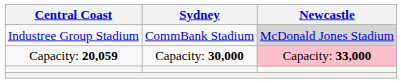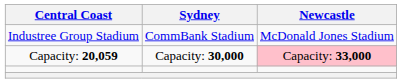 <table class="wikitable" style="margin:1em auto; text-align:center">
 <tr>
 <th><a href='#'>Central Coast</a></th>
 <th><a href='#'>Sydney</a></th>
 <th><a href='#'>Newcastle</a></th>
 </tr>
 <tr>
 <td><a href='#'>Industree Group Stadium</a></td>
 <td><a href='#'>CommBank Stadium</a></td>
-<td style="background: lightgrey;"><a href='#'>McDonald Jones Stadium</a></td>
+<td><a href='#'>McDonald Jones Stadium</a></td>
 </tr>
 <tr>
 <td>Capacity: <strong>20,059</strong></td>
 <td>Capacity: <strong>30,000</strong></td>
 <td style="background: pink;">Capacity: <strong>33,000</strong></td>
 </tr>
 <tr>
 <td></td>
 <td></td>
 <td></td>
 </tr>
 <tr>
 <th colspan=5></th>
 </tr>
 </table>
